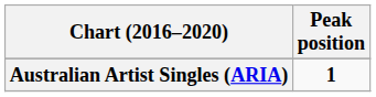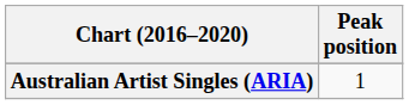 <table class="wikitable sortable plainrowheaders" style="text-align:center;">
 <tr>
 <th scope="col">Chart (2016–2020)</th>
 <th scope="col">Peak<br>position</th>
 </tr>
 <tr>
 </tr>
 <tr>
 <th scope="row">Australian Artist Singles (<a href='#'>ARIA</a>)</th>
-<td><strong>1</strong></td>
+<td>1</td>
 </tr>
 <tr>
 </tr>
 <tr>
 </tr>
 <tr>
 </tr>
 <tr>
 </tr>
 <tr>
 </tr>
 <tr>
 </tr>
 <tr>
 </tr>
 </table>
